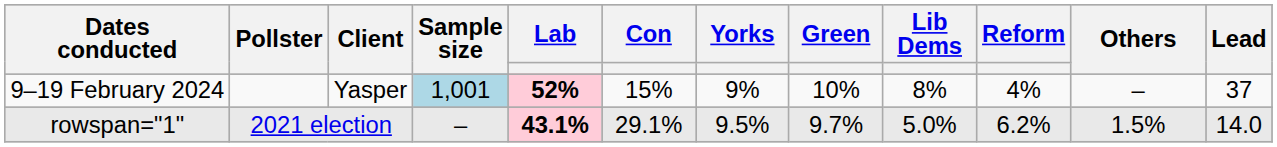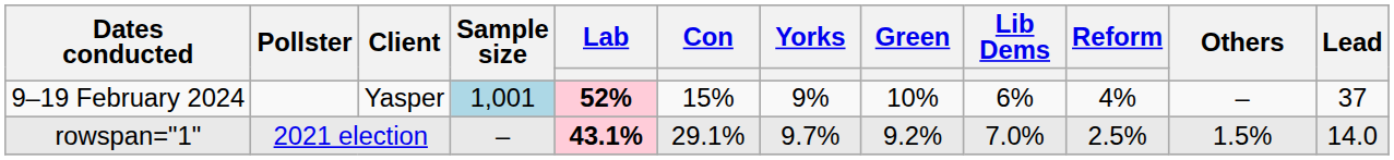 <table class="wikitable sortable mw-datatable" style="text-align:center;font-size:90%;line-height:14px;">
 <tr>
 <th rowspan="2">Dates<br>conducted</th>
 <th rowspan="2">Pollster</th>
 <th rowspan="2">Client</th>
 <th rowspan="2" data-sort-type="number">Sample<br>size</th>
 <th class="unsortable" style="width:50px;"><a href='#'>Lab</a></th>
 <th class="unsortable" style="width:50px;"><a href='#'>Con</a></th>
 <th class="unsortable" style="width:50px;"><a href='#'>Yorks</a></th>
 <th class="unsortable" style="width:50px;"><a href='#'>Green</a></th>
 <th class="unsortable" style="width:50px;"><a href='#'>Lib Dems</a></th>
 <th class="unsortable" style="width:50px;"><a href='#'>Reform</a></th>
 <th rowspan="2" class="unsortable" style="width:75px;">Others</th>
 <th rowspan="2" data-sort-type="number">Lead</th>
 </tr>
 <tr>
 <th data-sort-type="number" style="background:"></th>
 <th data-sort-type="number" style="background:"></th>
 <th data-sort-type="number" style="background:"></th>
 <th data-sort-type="number" style="background:"></th>
 <th data-sort-type="number" style="background:"></th>
 <th data-sort-type="number" style="background:"></th>
 </tr>
 <tr>
 <td>9–19 February 2024</td>
 <td></td>
 <td>Yasper</td>
 <td style="background: lightblue;">1,001</td>
 <td style="background:#FFCCD9;"><strong>52%</strong></td>
 <td>15%</td>
 <td>9%</td>
 <td>10%</td>
-<td>8%</td>
+<td>6%</td>
 <td>4%</td>
 <td>–</td>
 <td style="background:">37</td>
 </tr>
 <tr style="background:#E9E9E9;">
 <td>rowspan="1" </td>
 <td colspan="2" rowspan="1"><a href='#'>2021 election</a></td>
 <td>–</td>
 <td style="background:#FFCCD9;"><strong>43.1%</strong></td>
 <td>29.1%</td>
-<td>9.5%</td>
 <td>9.7%</td>
-<td>5.0%</td>
-<td>6.2%</td>
+<td>9.2%</td>
+<td>7.0%</td>
+<td>2.5%</td>
 <td>1.5%</td>
 <td style="background:">14.0</td>
 </tr>
 </table>
